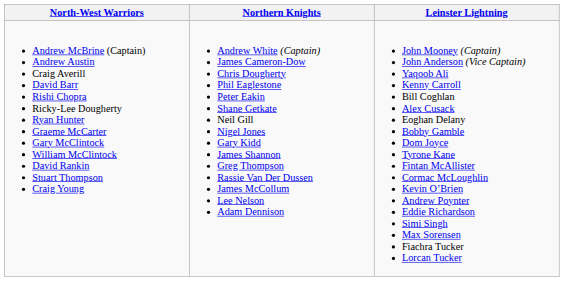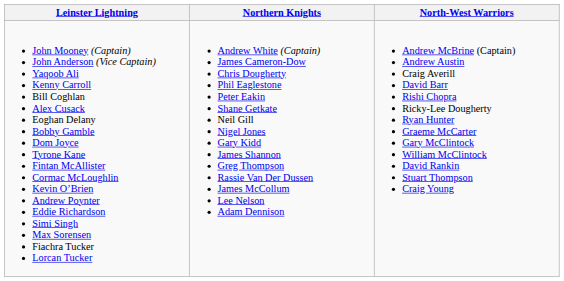 <table class="wikitable">
 <tr>
+<th width="300"><a href='#'>Leinster Lightning</a></th>
+<th width="300"><a href='#'>Northern Knights</a></th>
 <th width="300"><a href='#'>North-West Warriors</a></th>
-<th width="300"><a href='#'>Northern Knights</a></th>
-<th width="300"><a href='#'>Leinster Lightning</a></th>
 </tr>
 <tr>
+<td valign="top"><br><ul><li><a href='#'>John Mooney</a> <em>(Captain)</em></li><li><a href='#'>John Anderson</a> <em>(Vice Captain)</em></li><li><a href='#'>Yaqoob Ali</a></li><li><a href='#'>Kenny Carroll</a></li><li>Bill Coghlan</li><li><a href='#'>Alex Cusack</a></li><li>Eoghan Delany</li><li><a href='#'>Bobby Gamble</a></li><li><a href='#'>Dom Joyce</a></li><li><a href='#'>Tyrone Kane</a></li><li><a href='#'>Fintan McAllister</a></li><li><a href='#'>Cormac McLoughlin</a></li><li><a href='#'>Kevin O’Brien</a></li><li><a href='#'>Andrew Poynter</a></li><li><a href='#'>Eddie Richardson</a></li><li><a href='#'>Simi Singh</a></li><li><a href='#'>Max Sorensen</a></li><li>Fiachra Tucker</li><li><a href='#'>Lorcan Tucker</a></li></ul></td>
+<td valign="top"><br><ul><li><a href='#'>Andrew White</a> <em>(Captain)</em></li><li><a href='#'>James Cameron-Dow</a></li><li><a href='#'>Chris Dougherty</a></li><li><a href='#'>Phil Eaglestone</a></li><li><a href='#'>Peter Eakin</a></li><li><a href='#'>Shane Getkate</a></li><li>Neil Gill</li><li><a href='#'>Nigel Jones</a></li><li><a href='#'>Gary Kidd</a></li><li><a href='#'>James Shannon</a></li><li><a href='#'>Greg Thompson</a></li><li><a href='#'>Rassie Van Der Dussen</a></li><li><a href='#'>James McCollum</a></li><li><a href='#'>Lee Nelson</a></li><li><a href='#'>Adam Dennison</a></li></ul></td>
 <td valign="top"><br><ul><li><a href='#'>Andrew McBrine</a> (Captain)</li><li><a href='#'>Andrew Austin</a></li><li>Craig Averill</li><li><a href='#'>David Barr</a></li><li><a href='#'>Rishi Chopra</a></li><li>Ricky-Lee Dougherty</li><li><a href='#'>Ryan Hunter</a></li><li><a href='#'>Graeme McCarter</a></li><li><a href='#'>Gary McClintock</a></li><li><a href='#'>William McClintock</a></li><li><a href='#'>David Rankin</a></li><li><a href='#'>Stuart Thompson</a></li><li><a href='#'>Craig Young</a></li></ul></td>
-<td valign="top"><br><ul><li><a href='#'>Andrew White</a> <em>(Captain)</em></li><li><a href='#'>James Cameron-Dow</a></li><li><a href='#'>Chris Dougherty</a></li><li><a href='#'>Phil Eaglestone</a></li><li><a href='#'>Peter Eakin</a></li><li><a href='#'>Shane Getkate</a></li><li>Neil Gill</li><li><a href='#'>Nigel Jones</a></li><li><a href='#'>Gary Kidd</a></li><li><a href='#'>James Shannon</a></li><li><a href='#'>Greg Thompson</a></li><li><a href='#'>Rassie Van Der Dussen</a></li><li><a href='#'>James McCollum</a></li><li><a href='#'>Lee Nelson</a></li><li><a href='#'>Adam Dennison</a></li></ul></td>
-<td valign="top"><br><ul><li><a href='#'>John Mooney</a> <em>(Captain)</em></li><li><a href='#'>John Anderson</a> <em>(Vice Captain)</em></li><li><a href='#'>Yaqoob Ali</a></li><li><a href='#'>Kenny Carroll</a></li><li>Bill Coghlan</li><li><a href='#'>Alex Cusack</a></li><li>Eoghan Delany</li><li><a href='#'>Bobby Gamble</a></li><li><a href='#'>Dom Joyce</a></li><li><a href='#'>Tyrone Kane</a></li><li><a href='#'>Fintan McAllister</a></li><li><a href='#'>Cormac McLoughlin</a></li><li><a href='#'>Kevin O’Brien</a></li><li><a href='#'>Andrew Poynter</a></li><li><a href='#'>Eddie Richardson</a></li><li><a href='#'>Simi Singh</a></li><li><a href='#'>Max Sorensen</a></li><li>Fiachra Tucker</li><li><a href='#'>Lorcan Tucker</a></li></ul></td>
 </tr>
 </table>
